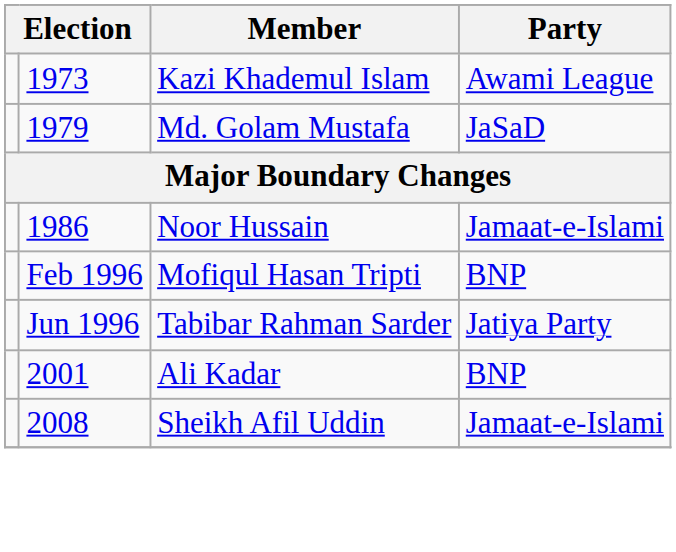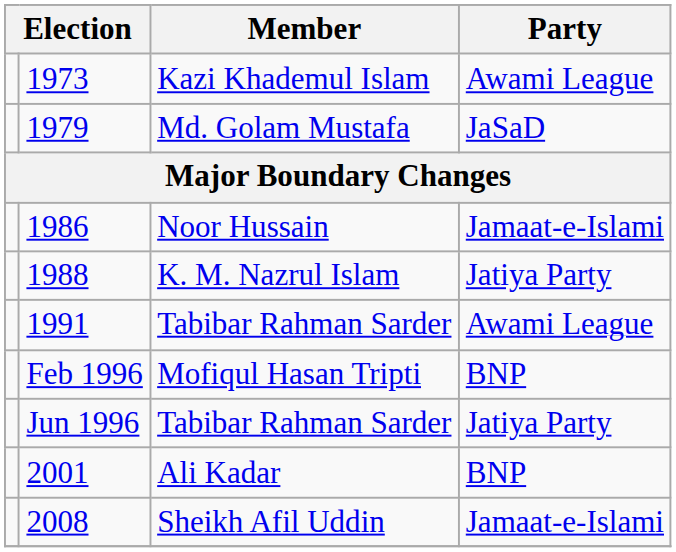 <table class="wikitable">
 <tr>
 <th colspan="2">Election</th>
 <th>Member</th>
 <th>Party</th>
 </tr>
 <tr>
 <td style="background-color:"></td>
 <td><a href='#'>1973</a></td>
 <td><a href='#'>Kazi Khademul Islam</a></td>
 <td><a href='#'>Awami League</a></td>
 </tr>
 <tr>
 <td style="background-color:"></td>
 <td><a href='#'>1979</a></td>
 <td><a href='#'>Md. Golam Mustafa</a></td>
 <td><a href='#'>JaSaD</a></td>
 </tr>
 <tr>
 <th colspan="4">Major Boundary Changes</th>
 </tr>
 <tr>
 <td style="background-color:"></td>
 <td><a href='#'>1986</a></td>
 <td><a href='#'>Noor Hussain</a></td>
 <td><a href='#'>Jamaat-e-Islami</a></td>
 </tr>
 <tr>
 <td style="background-color:"></td>
+<td><a href='#'>1988</a></td>
+<td><a href='#'>K. M. Nazrul Islam</a></td>
+<td><a href='#'>Jatiya Party</a></td>
+</tr>
+<tr>
+<td style="background-color:"></td>
+<td><a href='#'>1991</a></td>
+<td><a href='#'>Tabibar Rahman Sarder</a></td>
+<td><a href='#'>Awami League</a></td>
+</tr>
+<tr>
+<td style="background-color:"></td>
 <td><a href='#'>Feb 1996</a></td>
 <td><a href='#'>Mofiqul Hasan Tripti</a></td>
 <td><a href='#'>BNP</a></td>
 </tr>
 <tr>
 <td style="background-color:"></td>
 <td><a href='#'>Jun 1996</a></td>
 <td><a href='#'>Tabibar Rahman Sarder</a></td>
 <td><a href='#'>Jatiya Party</a></td>
 </tr>
 <tr>
 <td style="background-color:"></td>
 <td><a href='#'>2001</a></td>
 <td><a href='#'>Ali Kadar</a></td>
 <td><a href='#'>BNP</a></td>
 </tr>
 <tr>
 <td style="background-color:"></td>
 <td><a href='#'>2008</a></td>
 <td><a href='#'>Sheikh Afil Uddin</a></td>
 <td><a href='#'>Jamaat-e-Islami</a></td>
 </tr>
 <tr>
 </tr>
 </table>
